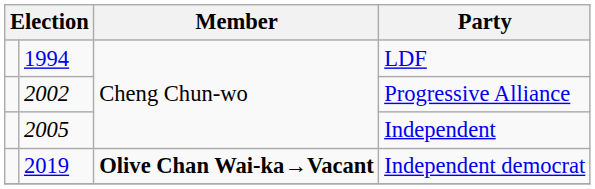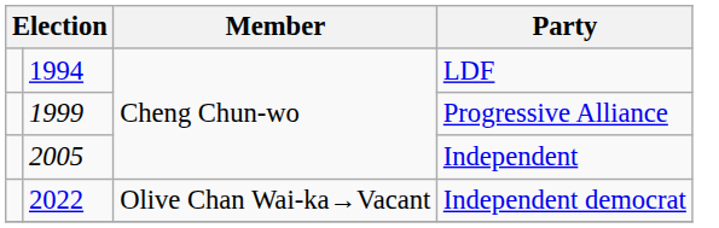 <table class="wikitable">
 <tr>
 <th colspan="2">Election</th>
 <th>Member</th>
 <th>Party</th>
 </tr>
 <tr>
 <td style="color:inherit;background:"></td>
 <td><a href='#'>1994</a></td>
 <td rowspan=3>Cheng Chun-wo</td>
 <td><a href='#'>LDF</a></td>
 </tr>
 <tr>
 <td style="color:inherit;background:"></td>
-<td><em>2002</em></td>
+<td><em>1999</em></td>
 <td><a href='#'>Progressive Alliance</a></td>
 </tr>
 <tr>
 <td style="color:inherit;background:"></td>
 <td><em>2005</em></td>
 <td><a href='#'>Independent</a></td>
 </tr>
 <tr>
 <td style="color:inherit;background:"></td>
-<td><a href='#'>2019</a></td>
-<td><strong>Olive Chan Wai-ka→Vacant</strong></td>
+<td><a href='#'>2022</a></td>
+<td>Olive Chan Wai-ka→Vacant</td>
 <td><a href='#'>Independent democrat</a></td>
 </tr>
 <tr>
 </tr>
 </table>
